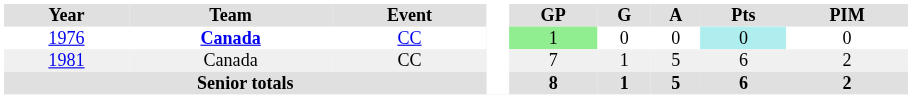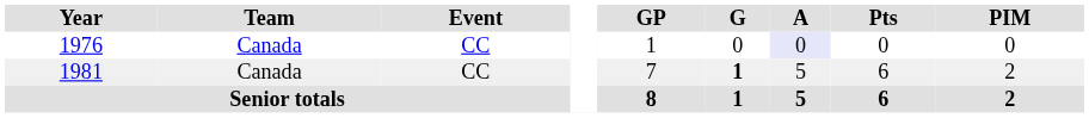 <table border="0" cellpadding="1" cellspacing="0" style="text-align:center; width:50em">
 <tr ALIGN="center" bgcolor="#e0e0e0">
 <th>Year</th>
 <th>Team</th>
 <th>Event</th>
 <th rowspan="99" bgcolor="#ffffff"> </th>
 <th>GP</th>
 <th>G</th>
 <th>A</th>
 <th>Pts</th>
 <th>PIM</th>
 </tr>
 <tr>
 <td><a href='#'>1976</a></td>
-<td><strong><a href='#'>Canada</a></strong></td>
+<td><a href='#'>Canada</a></td>
 <td><a href='#'>CC</a></td>
-<td style="background: lightgreen;">1</td>
+<td>1</td>
 <td>0</td>
+<td style="background: lavender;">0</td>
 <td>0</td>
-<td style="background: paleturquoise;">0</td>
 <td>0</td>
 </tr>
 <tr bgcolor="#f0f0f0">
 <td><a href='#'>1981</a></td>
 <td>Canada</td>
 <td>CC</td>
 <td>7</td>
-<td>1</td>
+<td><strong>1</strong></td>
 <td>5</td>
 <td>6</td>
 <td>2</td>
 </tr>
 <tr style="background:#e0e0e0;">
 <th colspan="3">Senior totals</th>
 <th>8</th>
 <th>1</th>
 <th>5</th>
 <th>6</th>
 <th>2</th>
 </tr>
 </table>
